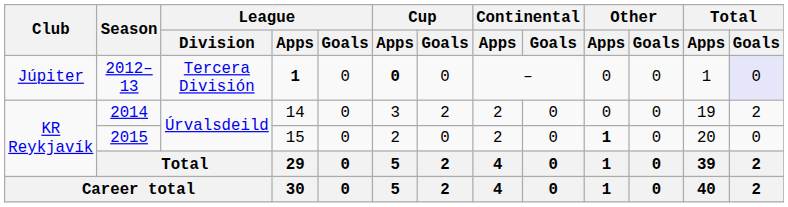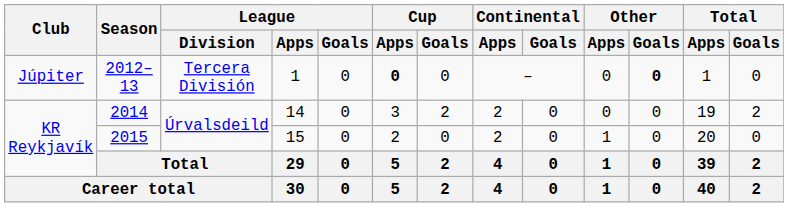 <table class="wikitable" style="text-align: center">
 <tr>
 <th rowspan="2">Club</th>
 <th rowspan="2">Season</th>
 <th colspan="3">League</th>
 <th colspan="2">Cup</th>
 <th colspan="2">Continental</th>
 <th colspan="2">Other</th>
 <th colspan="2">Total</th>
 </tr>
 <tr>
 <th>Division</th>
 <th>Apps</th>
 <th>Goals</th>
 <th>Apps</th>
 <th>Goals</th>
 <th>Apps</th>
 <th>Goals</th>
 <th>Apps</th>
 <th>Goals</th>
 <th>Apps</th>
 <th>Goals</th>
 </tr>
 <tr>
 <td><a href='#'>Júpiter</a></td>
 <td><a href='#'>2012–13</a></td>
 <td><a href='#'>Tercera División</a></td>
-<td><strong>1</strong></td>
+<td>1</td>
 <td>0</td>
 <td><strong>0</strong></td>
 <td>0</td>
 <td colspan="2">–</td>
 <td>0</td>
+<td><strong>0</strong></td>
+<td>1</td>
 <td>0</td>
-<td>1</td>
-<td style="background: lavender;">0</td>
 </tr>
 <tr>
 <td rowspan="3"><a href='#'>KR Reykjavík</a></td>
 <td><a href='#'>2014</a></td>
 <td rowspan="2"><a href='#'>Úrvalsdeild</a></td>
 <td>14</td>
 <td>0</td>
 <td>3</td>
 <td>2</td>
 <td>2</td>
 <td>0</td>
 <td>0</td>
 <td>0</td>
 <td>19</td>
 <td>2</td>
 </tr>
 <tr>
 <td><a href='#'>2015</a></td>
 <td>15</td>
 <td>0</td>
 <td>2</td>
 <td>0</td>
 <td>2</td>
 <td>0</td>
-<td><strong>1</strong></td>
+<td>1</td>
 <td>0</td>
 <td>20</td>
 <td>0</td>
 </tr>
 <tr>
 <th colspan="2"><strong>Total</strong></th>
 <th>29</th>
 <th>0</th>
 <th>5</th>
 <th>2</th>
 <th>4</th>
 <th>0</th>
 <th>1</th>
 <th>0</th>
 <th>39</th>
 <th>2</th>
 </tr>
 <tr>
 <th colspan="3"><strong>Career total</strong></th>
 <th>30</th>
 <th>0</th>
 <th>5</th>
 <th>2</th>
 <th>4</th>
 <th>0</th>
 <th>1</th>
 <th>0</th>
 <th>40</th>
 <th>2</th>
 </tr>
 </table>
